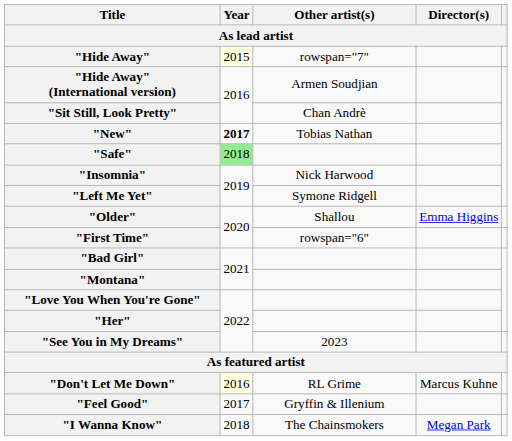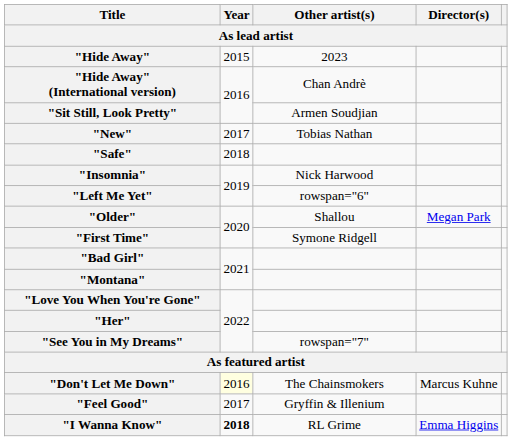 <table class="wikitable plainrowheaders" style="text-align:center;">
 <tr>
 <th scope="col" style="width:16em;">Title</th>
 <th scope="col">Year</th>
 <th scope="col" style="width:12em;">Other artist(s)</th>
 <th scope="col">Director(s)</th>
 <th scope="col"></th>
 </tr>
 <tr>
 <th scope="col" colspan="5">As lead artist</th>
 </tr>
 <tr>
 <th scope="row">"Hide Away"</th>
-<td style="background: lightyellow;">2015</td>
-<td>rowspan="7" </td>
+<td>2015</td>
+<td rowspan="1">2023</td>
 <td></td>
 <td></td>
 </tr>
 <tr>
 <th scope="row">"Hide Away"<br><span>(International version)</span></th>
 <td rowspan="2">2016</td>
+<td>Chan Andrè</td>
+<td></td>
+</tr>
+<tr>
+<th scope="row">"Sit Still, Look Pretty"</th>
 <td>Armen Soudjian</td>
 <td></td>
 </tr>
 <tr>
-<th scope="row">"Sit Still, Look Pretty"</th>
-<td>Chan Andrè</td>
-<td></td>
-</tr>
-<tr>
 <th scope="row">"New"</th>
-<td><strong>2017</strong></td>
+<td>2017</td>
 <td>Tobias Nathan</td>
 <td></td>
 </tr>
 <tr>
 <th scope="row">"Safe"</th>
-<td style="background: lightgreen;">2018</td>
+<td>2018</td>
 <td></td>
 <td></td>
 </tr>
 <tr>
 <th scope="row">"Insomnia"</th>
 <td rowspan=2>2019</td>
 <td>Nick Harwood</td>
 <td></td>
 </tr>
 <tr>
 <th scope="row">"Left Me Yet"</th>
-<td>Symone Ridgell</td>
+<td>rowspan="6" </td>
 <td></td>
 </tr>
 <tr>
 <th scope="row">"Older"</th>
 <td rowspan="2">2020</td>
 <td>Shallou</td>
-<td><a href='#'>Emma Higgins</a></td>
+<td><a href='#'>Megan Park</a></td>
 <td></td>
 </tr>
 <tr>
 <th scope="row">"First Time"</th>
-<td>rowspan="6" </td>
+<td>Symone Ridgell</td>
 <td></td>
 <td></td>
 </tr>
 <tr>
 <th scope="row">"Bad Girl"</th>
 <td rowspan="2">2021</td>
 <td></td>
 <td></td>
 </tr>
 <tr>
 <th scope="row">"Montana"</th>
 <td></td>
 <td></td>
 </tr>
 <tr>
 <th scope="row">"Love You When You're Gone"</th>
 <td rowspan="3">2022</td>
 <td></td>
 <td></td>
 </tr>
 <tr>
 <th scope="row">"Her"</th>
 <td></td>
 <td></td>
 </tr>
 <tr>
 <th scope="row">"See You in My Dreams"</th>
-<td rowspan="1">2023</td>
+<td>rowspan="7" </td>
 <td></td>
 <td></td>
 </tr>
 <tr>
 <th scope="col" colspan="5">As featured artist</th>
 </tr>
 <tr>
 <th scope="row">"Don't Let Me Down"</th>
 <td style="background: lightyellow;">2016</td>
-<td>RL Grime</td>
+<td>The Chainsmokers</td>
 <td>Marcus Kuhne</td>
 <td></td>
 </tr>
 <tr>
 <th scope="row">"Feel Good"</th>
 <td>2017</td>
 <td>Gryffin & Illenium</td>
 <td></td>
 <td></td>
 </tr>
 <tr>
 <th scope="row">"I Wanna Know"</th>
-<td>2018</td>
-<td>The Chainsmokers</td>
-<td><a href='#'>Megan Park</a></td>
+<td><strong>2018</strong></td>
+<td>RL Grime</td>
+<td><a href='#'>Emma Higgins</a></td>
 <td></td>
 </tr>
 </table>
